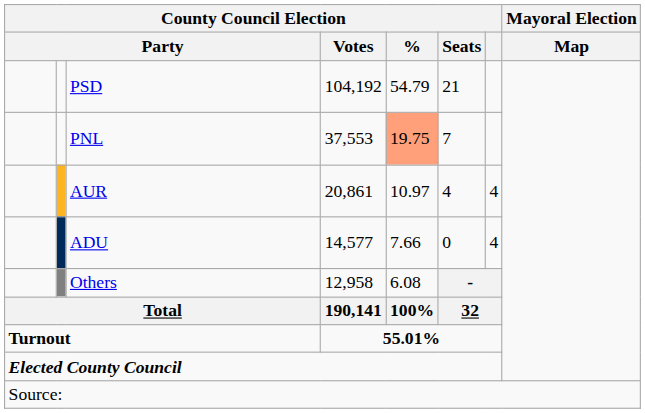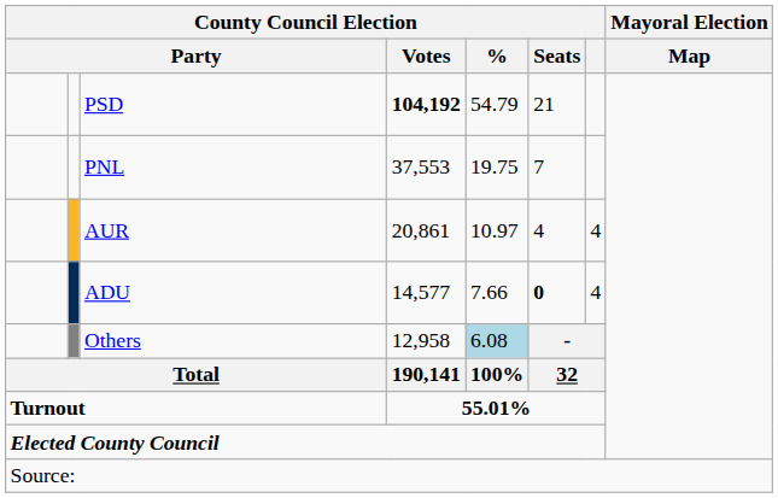 <table class="wikitable" style="text-align:left">
 <tr>
 <th colspan="7">County Council Election</th>
 <th>Mayoral Election</th>
 </tr>
 <tr>
 <th colspan="3" width="280">Party</th>
 <th>Votes</th>
 <th>%</th>
 <th>Seats</th>
 <th></th>
 <th>Map</th>
 </tr>
 <tr>
 <td width="40" height="40"></td>
 <td style="color:inherit;background:"></td>
 <td align="left"><a href='#'>PSD</a></td>
-<td>104,192</td>
+<td><strong>104,192</strong></td>
 <td>54.79</td>
 <td>21</td>
 <td></td>
 <td rowspan="8"></td>
 </tr>
 <tr>
 <td height="40"></td>
 <td width="1" style="color:inherit;background:"></td>
 <td align="left"><a href='#'>PNL</a></td>
 <td>37,553</td>
-<td style="background: lightsalmon;">19.75</td>
+<td>19.75</td>
 <td>7</td>
 <td></td>
 </tr>
 <tr>
 <td height="40"></td>
 <td style="background:#FCB521;"></td>
 <td align="left"><a href='#'>AUR</a></td>
 <td>20,861</td>
 <td>10.97</td>
 <td>4</td>
 <td>4</td>
 </tr>
 <tr>
 <td height="40"></td>
 <td style="background:#002A59;"></td>
 <td align="left"><a href='#'>ADU</a></td>
 <td>14,577</td>
 <td>7.66</td>
-<td>0</td>
+<td><strong>0</strong></td>
 <td>4</td>
 </tr>
 <tr>
 <td></td>
 <td style="background-color:Grey "></td>
 <td align="left"><a href='#'>Others</a></td>
 <td>12,958</td>
-<td>6.08</td>
+<td style="background: lightblue;">6.08</td>
 <th colspan="2">-</th>
 </tr>
 <tr>
 <th colspan="3"><strong><u>Total</u></strong></th>
 <th style="text-align:left">190,141</th>
 <th style="text-align:left">100%</th>
 <th colspan="2"><strong><u>32</u></strong></th>
 </tr>
 <tr>
 <td colspan="3"><strong>Turnout</strong></td>
 <td colspan="4" style="text-align: center"><strong>55.01%</strong></td>
 </tr>
 <tr>
 <td colspan="7"><strong><em>Elected County Council</em></strong></td>
 </tr>
 <tr>
 <td colspan="8">Source: </td>
 </tr>
 </table>
